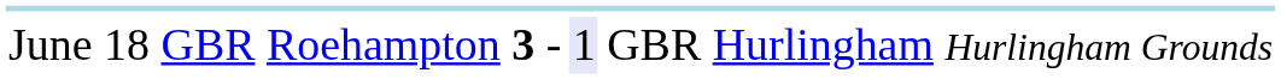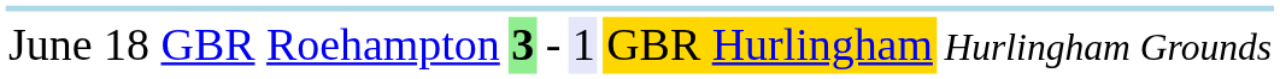 <table>
 <tr>
 <th colspan=7 style="background: lightblue;"></th>
 </tr>
 <tr>
 <td>June 18</td>
 <td align=right><a href='#'>GBR</a> <a href='#'>Roehampton</a></td>
-<td align=center><strong>3</strong></td>
+<td align=center style="background: lightgreen;"><strong>3</strong></td>
 <td align=center>-</td>
 <td align=center style="background: lavender;">1</td>
-<td>GBR <a href='#'>Hurlingham</a></td>
+<td style="background: gold;">GBR <a href='#'>Hurlingham</a></td>
 <td><small><em>Hurlingham Grounds</em></small></td>
 </tr>
 </table>
